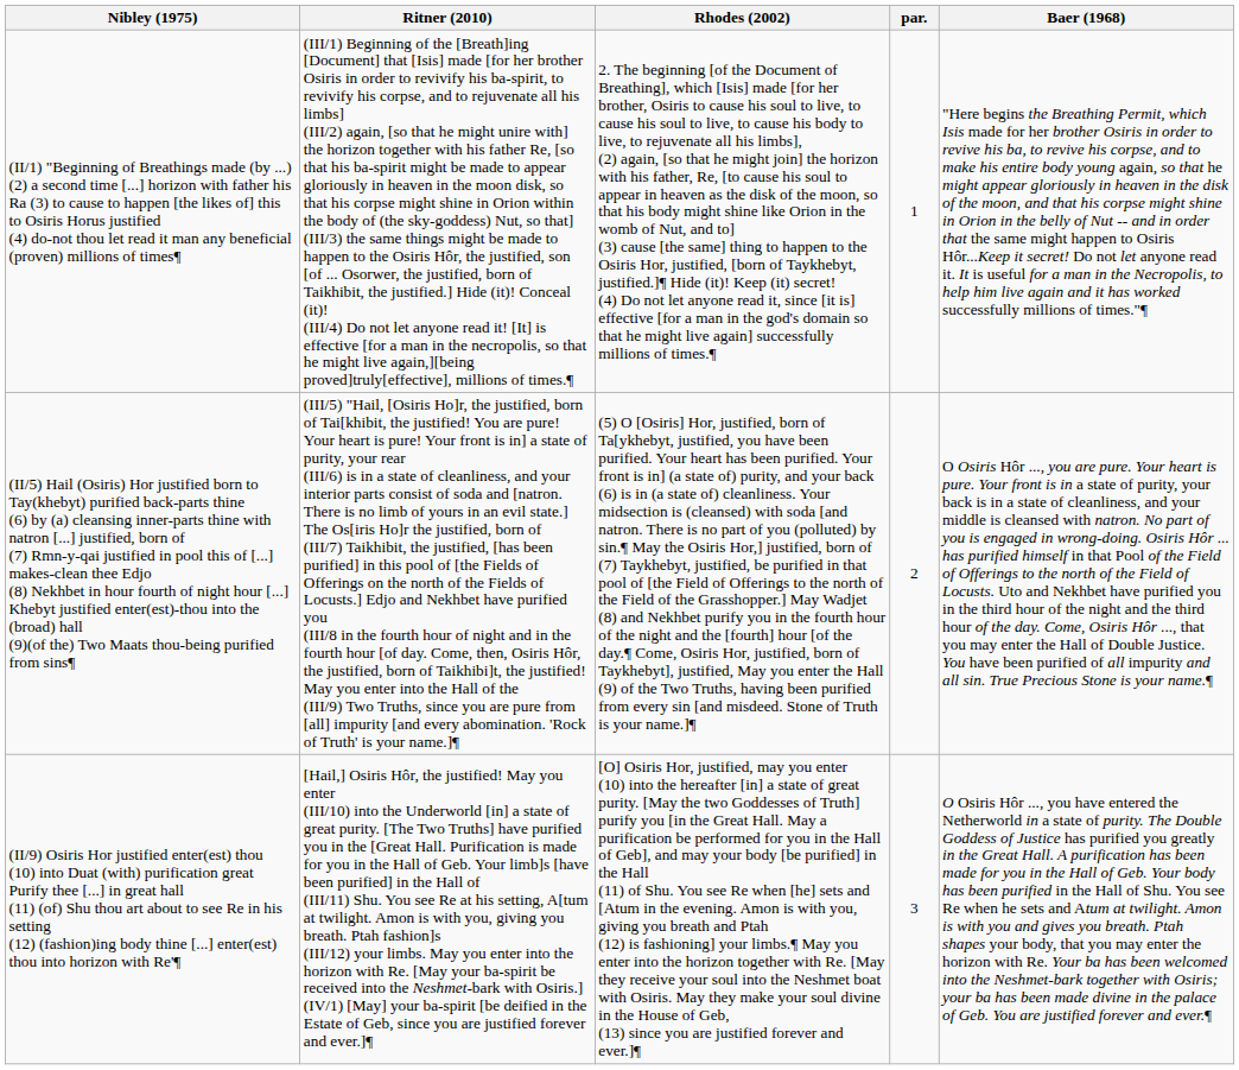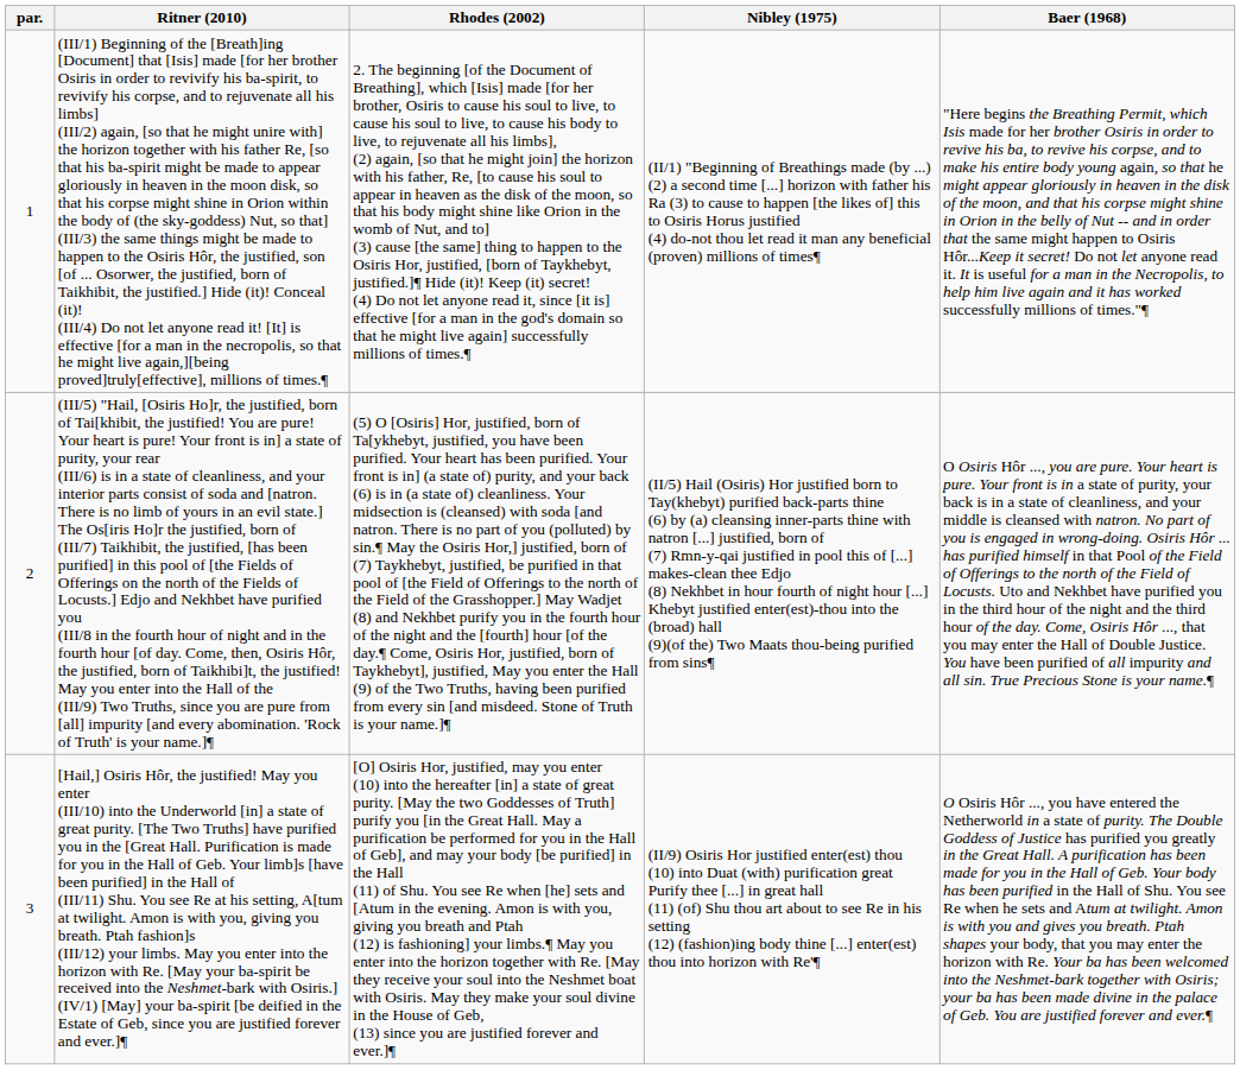 <table class="wikitable">
 <tr>
-<th style="width: 24%;">Nibley (1975)</th>
+<th style="width: 4%; text-align: center;">par.</th>
 <th style="width: 24%;">Ritner (2010)</th>
 <th style="width: 24%;">Rhodes (2002)</th>
-<th style="width: 4%; text-align: center;">par.</th>
+<th style="width: 24%;">Nibley (1975)</th>
 <th style="width: 24%;">Baer (1968)</th>
 </tr>
 <tr>
-<td>(II/1) "Beginning of Breathings made (by ...)<br>(2) a second time [...] horizon with father his Ra (3) to cause to happen [the likes of] this to Osiris Horus justified <br> (4) do-not thou let read it man any beneficial (proven) millions of times¶</td>
+<td style="text-align: center;">1</td>
 <td>(III/1) Beginning of the [Breath]ing [Document] that [Isis] made [for her brother Osiris in order to revivify his ba-spirit, to revivify his corpse, and to rejuvenate all his limbs] <br> (III/2) again, [so that he might unire with] the horizon together with his father Re, [so that his ba-spirit might be made to appear gloriously in heaven in the moon disk, so that his corpse might shine in Orion within the body of (the sky-goddess) Nut, so that] <br> (III/3) the same things might be made to happen to the Osiris Hôr, the justified, son [of ... Osorwer, the justified, born of Taikhibit, the justified.] Hide (it)! Conceal (it)! <br>(III/4) Do not let anyone read it! [It] is effective [for a man in the necropolis, so that he might live again,][being proved]truly[effective], millions of times.¶</td>
 <td>2. The beginning [of the Document of Breathing], which [Isis] made [for her brother, Osiris to cause his soul to live, to cause his soul to live, to cause his body to live, to rejuvenate all his limbs], <br>(2) again, [so that he might join] the horizon with his father, Re, [to cause his soul to appear in heaven as the disk of the moon, so that his body might shine like Orion in the womb of Nut, and to] <br> (3) cause [the same] thing to happen to the Osiris Hor, justified, [born of Taykhebyt, justified.]¶ Hide (it)! Keep (it) secret! <br>(4) Do not let anyone read it, since [it is] effective [for a man in the god's domain so that he might live again] successfully millions of times.¶</td>
-<td style="text-align: center;">1</td>
+<td>(II/1) "Beginning of Breathings made (by ...)<br>(2) a second time [...] horizon with father his Ra (3) to cause to happen [the likes of] this to Osiris Horus justified <br> (4) do-not thou let read it man any beneficial (proven) millions of times¶</td>
 <td>"Here begins <em>the Breathing Permit, which Isis</em> made for her <em>brother Osiris in order to revive his ba, to revive his corpse, and to make his entire body young</em> again, <em>so that</em> he <em>might appear gloriously in heaven in the disk of the moon, and that his corpse might shine in Orion in the belly of Nut -- and in order that</em> the same might happen to Osiris Hôr...<em>Keep it secret!</em> Do not <em>let</em> anyone read it. <em>It</em> is useful <em>for a man in the Necropolis, to help him live again and it has worked</em> successfully millions of times."¶</td>
 </tr>
 <tr>
-<td>(II/5) Hail (Osiris) Hor justified born to Tay(khebyt) purified back-parts thine <br>(6) by (a) cleansing inner-parts thine with natron [...] justified, born of <br>(7) Rmn-y-qai justified in pool this of [...] makes-clean thee Edjo <br>(8) Nekhbet in hour fourth of night hour [...] Khebyt justified enter(est)-thou into the (broad) hall <br>(9)(of the) Two Maats thou-being purified from sins¶</td>
+<td style="text-align: center;">2</td>
 <td>(III/5) "Hail, [Osiris Ho]r, the justified, born of Tai[khibit, the justified! You are pure! Your heart is pure! Your front is in] a state of purity, your rear <br>(III/6) is in a state of cleanliness, and your interior parts consist of soda and [natron. There is no limb of yours in an evil state.] The Os[iris Ho]r the justified, born of <br>(III/7) Taikhibit, the justified, [has been purified] in this pool of [the Fields of Offerings on the north of the Fields of Locusts.] Edjo and Nekhbet have purified you <br>(III/8 in the fourth hour of night and in the fourth hour [of day. Come, then, Osiris Hôr, the justified, born of Taikhibi]t, the justified! May you enter into the Hall of the <br>(III/9) Two Truths, since you are pure from [all] impurity [and every abomination. 'Rock of Truth' is your name.]¶</td>
 <td>(5) O [Osiris] Hor, justified, born of Ta[ykhebyt, justified, you have been purified. Your heart has been purified. Your front is in] (a state of) purity, and your back <br>(6) is in (a state of) cleanliness. Your midsection is (cleansed) with soda [and natron. There is no part of you (polluted) by sin.¶ May the Osiris Hor,] justified, born of <br>(7) Taykhebyt, justified, be purified in that pool of [the Field of Offerings to the north of the Field of the Grasshopper.] May Wadjet <br>(8) and Nekhbet purify you in the fourth hour of the night and the [fourth] hour [of the day.¶ Come, Osiris Hor, justified, born of Taykhebyt], justified, May you enter the Hall <br>(9) of the Two Truths, having been purified from every sin [and misdeed. Stone of Truth is your name.]¶</td>
-<td style="text-align: center;">2</td>
+<td>(II/5) Hail (Osiris) Hor justified born to Tay(khebyt) purified back-parts thine <br>(6) by (a) cleansing inner-parts thine with natron [...] justified, born of <br>(7) Rmn-y-qai justified in pool this of [...] makes-clean thee Edjo <br>(8) Nekhbet in hour fourth of night hour [...] Khebyt justified enter(est)-thou into the (broad) hall <br>(9)(of the) Two Maats thou-being purified from sins¶</td>
 <td>O <em>Osiris</em> Hôr ..., <em>you are pure. Your heart is pure. Your front is in</em> a state of purity, your back is in a state of cleanliness, and your middle is cleansed with <em>natron. No part of you is engaged in wrong-doing. Osiris Hôr ... has purified himself</em> in that Pool <em>of the Field of Offerings to the north of the Field of Locusts.</em> Uto and Nekhbet have purified you in the third hour of the night and the third hour <em>of the day. Come, Osiris Hôr</em> ..., that you may enter the Hall of Double Justice. <em>You</em> have been purified of <em>all</em> impurity <em>and all sin. True Precious Stone is your name.</em>¶</td>
 </tr>
 <tr>
-<td>(II/9) Osiris Hor justified enter(est) thou <br>(10) into Duat (with) purification great Purify thee [...] in great hall <br>(11) (of) Shu thou art about to see Re in his setting <br> (12) (fashion)ing body thine [...] enter(est) thou into horizon with Re'¶</td>
+<td style="text-align: center;">3</td>
 <td>[Hail,] Osiris Hôr, the justified! May you enter <br>(III/10) into the Underworld [in] a state of great purity. [The Two Truths] have purified you in the [Great Hall. Purification is made for you in the Hall of Geb. Your limb]s [have been purified] in the Hall of <br> (III/11) Shu. You see Re at his setting, A[tum at twilight. Amon is with you, giving you breath. Ptah fashion]s <br> (III/12) your limbs. May you enter into the horizon with Re. [May your ba-spirit be received into the <em>Neshmet</em>-bark with Osiris.] <br>(IV/1) [May] your ba-spirit [be deified in the Estate of Geb, since you are justified forever and ever.]¶</td>
 <td>[O] Osiris Hor, justified, may you enter <br>(10) into the hereafter [in] a state of great purity. [May the two Goddesses of Truth] purify you [in the Great Hall. May a purification be performed for you in the Hall of Geb], and may your body [be purified] in the Hall <br>(11) of Shu. You see Re when [he] sets and [Atum in the evening. Amon is with you, giving you breath and Ptah <br>(12) is fashioning] your limbs.¶ May you enter into the horizon together with Re. [May they receive your soul into the Neshmet boat with Osiris. May they make your soul divine in the House of Geb, <br>(13) since you are justified forever and ever.]¶</td>
-<td style="text-align: center;">3</td>
+<td>(II/9) Osiris Hor justified enter(est) thou <br>(10) into Duat (with) purification great Purify thee [...] in great hall <br>(11) (of) Shu thou art about to see Re in his setting <br> (12) (fashion)ing body thine [...] enter(est) thou into horizon with Re'¶</td>
 <td><em>O</em> Osiris Hôr ..., you have entered the Netherworld <em>in</em> a state of <em>purity. The Double Goddess of Justice</em> has purified you greatly <em>in the Great Hall. A purification has been made for you in the Hall of Geb. Your body has been purified</em> in the Hall of Shu. You see Re when he sets and A<em>tum at twilight. Amon is with you and gives you breath. Ptah shapes</em> your body, that you may enter the horizon with Re. <em>Your ba has been welcomed into the Neshmet-bark together with Osiris; your ba has been made divine in the palace of Geb. You are justified forever and ever.</em>¶</td>
 </tr>
 </table>
